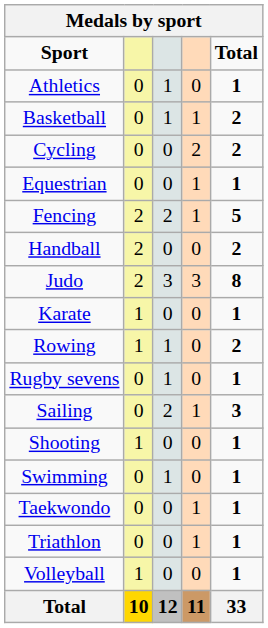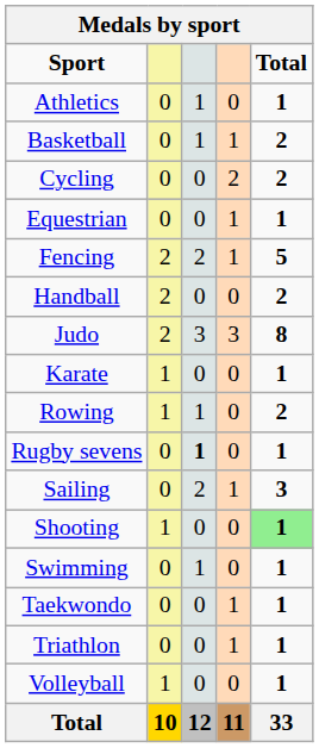 <table class="wikitable" style="font-size:85%; text-align:center;">
 <tr style="background:#efefef;">
 <th colspan=7><strong>Medals by sport</strong></th>
 </tr>
 <tr align=center>
 <td><strong>Sport</strong></td>
 <td bgcolor=#f7f6a8></td>
 <td bgcolor=#dce5e5></td>
 <td bgcolor=#ffdab9></td>
 <td><strong>Total</strong></td>
 </tr>
 <tr align=center>
 <td><a href='#'>Athletics</a></td>
 <td style="background:#F7F6A8;">0</td>
 <td style="background:#DCE5E5;">1</td>
 <td style="background:#FFDAB9;">0</td>
 <td><strong>1</strong></td>
 </tr>
 <tr align=center>
 <td><a href='#'>Basketball</a></td>
 <td style="background:#F7F6A8;">0</td>
 <td style="background:#DCE5E5;">1</td>
 <td style="background:#FFDAB9;">1</td>
 <td><strong>2</strong></td>
 </tr>
 <tr align=center>
 <td><a href='#'>Cycling</a></td>
 <td style="background:#F7F6A8;">0</td>
 <td style="background:#DCE5E5;">0</td>
 <td style="background:#FFDAB9;">2</td>
 <td><strong>2</strong></td>
 </tr>
 <tr align=center>
 <td><a href='#'>Equestrian</a></td>
 <td style="background:#F7F6A8;">0</td>
 <td style="background:#DCE5E5;">0</td>
 <td style="background:#FFDAB9;">1</td>
 <td><strong>1</strong></td>
 </tr>
 <tr align=center>
 <td><a href='#'>Fencing</a></td>
 <td style="background:#F7F6A8;">2</td>
 <td style="background:#DCE5E5;">2</td>
 <td style="background:#FFDAB9;">1</td>
 <td><strong>5</strong></td>
 </tr>
 <tr align=center>
 <td><a href='#'>Handball</a></td>
 <td style="background:#F7F6A8;">2</td>
 <td style="background:#DCE5E5;">0</td>
 <td style="background:#FFDAB9;">0</td>
 <td><strong>2</strong></td>
 </tr>
 <tr align=center>
 <td><a href='#'>Judo</a></td>
 <td style="background:#F7F6A8;">2</td>
 <td style="background:#DCE5E5;">3</td>
 <td style="background:#FFDAB9;">3</td>
 <td><strong>8</strong></td>
 </tr>
 <tr align=center>
 <td><a href='#'>Karate</a></td>
 <td style="background:#F7F6A8;">1</td>
 <td style="background:#DCE5E5;">0</td>
 <td style="background:#FFDAB9;">0</td>
 <td><strong>1</strong></td>
 </tr>
 <tr align=center>
 <td><a href='#'>Rowing</a></td>
 <td style="background:#F7F6A8;">1</td>
 <td style="background:#DCE5E5;">1</td>
 <td style="background:#FFDAB9;">0</td>
 <td><strong>2</strong></td>
 </tr>
 <tr align=center>
 <td><a href='#'>Rugby sevens</a></td>
 <td style="background:#F7F6A8;">0</td>
-<td style="background:#DCE5E5;">1</td>
+<td style="background:#DCE5E5;"><strong>1</strong></td>
 <td style="background:#FFDAB9;">0</td>
 <td><strong>1</strong></td>
 </tr>
 <tr align=center>
 <td><a href='#'>Sailing</a></td>
 <td style="background:#F7F6A8;">0</td>
 <td style="background:#DCE5E5;">2</td>
 <td style="background:#FFDAB9;">1</td>
 <td><strong>3</strong></td>
 </tr>
 <tr align=center>
 <td><a href='#'>Shooting</a></td>
 <td style="background:#F7F6A8;">1</td>
 <td style="background:#DCE5E5;">0</td>
 <td style="background:#FFDAB9;">0</td>
-<td><strong>1</strong></td>
+<td style="background: lightgreen;"><strong>1</strong></td>
 </tr>
 <tr align=center>
 <td><a href='#'>Swimming</a></td>
 <td style="background:#F7F6A8;">0</td>
 <td style="background:#DCE5E5;">1</td>
 <td style="background:#FFDAB9;">0</td>
 <td><strong>1</strong></td>
 </tr>
 <tr align=center>
 <td><a href='#'>Taekwondo</a></td>
 <td style="background:#F7F6A8;">0</td>
 <td style="background:#DCE5E5;">0</td>
 <td style="background:#FFDAB9;">1</td>
 <td><strong>1</strong></td>
 </tr>
 <tr align=center>
 <td><a href='#'>Triathlon</a></td>
 <td style="background:#F7F6A8;">0</td>
 <td style="background:#DCE5E5;">0</td>
 <td style="background:#FFDAB9;">1</td>
 <td><strong>1</strong></td>
 </tr>
 <tr align=center>
 <td><a href='#'>Volleyball</a></td>
 <td style="background:#F7F6A8;">1</td>
 <td style="background:#DCE5E5;">0</td>
 <td style="background:#FFDAB9;">0</td>
 <td><strong>1</strong></td>
 </tr>
 <tr align=center>
 <th><strong>Total</strong></th>
 <th style="background:gold;"><strong>10</strong></th>
 <th style="background:silver;"><strong>12</strong></th>
 <th style="background:#c96;"><strong>11</strong></th>
 <th><strong>33</strong></th>
 </tr>
 </table>
